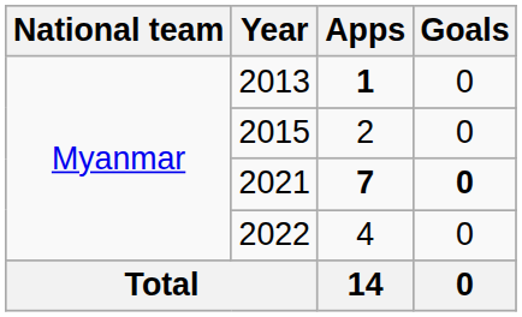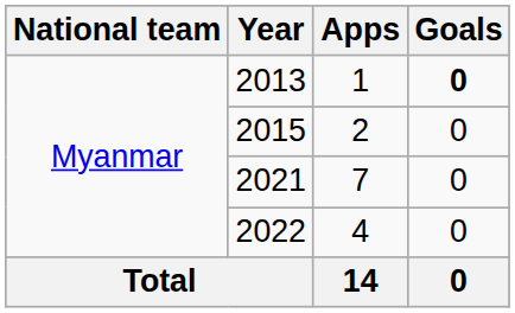 <table class=wikitable style=text-align:center>
 <tr>
 <th>National team</th>
 <th>Year</th>
 <th>Apps</th>
 <th>Goals</th>
 </tr>
 <tr>
 <td rowspan=4><a href='#'>Myanmar</a></td>
 <td>2013</td>
-<td><strong>1</strong></td>
-<td>0</td>
+<td>1</td>
+<td><strong>0</strong></td>
 </tr>
 <tr>
 <td>2015</td>
 <td>2</td>
 <td>0</td>
 </tr>
 <tr>
 <td>2021</td>
-<td><strong>7</strong></td>
-<td><strong>0</strong></td>
+<td>7</td>
+<td>0</td>
 </tr>
 <tr>
 <td>2022</td>
 <td>4</td>
 <td>0</td>
 </tr>
 <tr>
 <th colspan=2>Total</th>
 <th>14</th>
 <th>0</th>
 </tr>
 </table>
